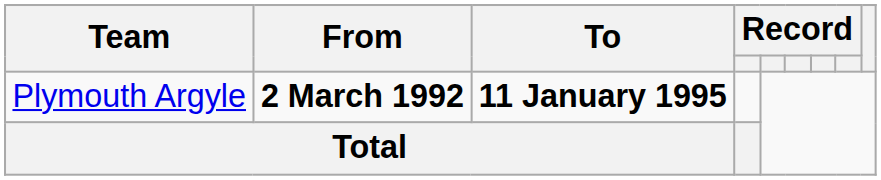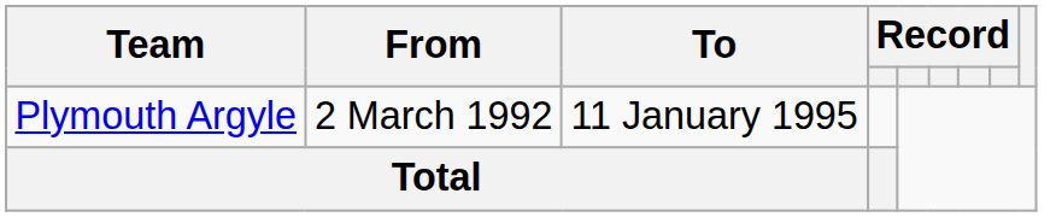 <table class="wikitable" style="text-align: center">
 <tr>
 <th rowspan="2">Team</th>
 <th rowspan="2">From</th>
 <th rowspan="2">To</th>
 <th colspan="5">Record</th>
 <th rowspan="2"></th>
 </tr>
 <tr>
 <th></th>
 <th></th>
 <th></th>
 <th></th>
 <th></th>
 </tr>
 <tr>
 <td align=left><a href='#'>Plymouth Argyle</a></td>
-<td align=left><strong>2 March 1992</strong></td>
-<td align=left><strong>11 January 1995<br></strong></td>
+<td align=left>2 March 1992</td>
+<td align=left>11 January 1995<br></td>
 <td></td>
 </tr>
 <tr>
 <th colspan="3">Total<br></th>
 <th></th>
 </tr>
 </table>
